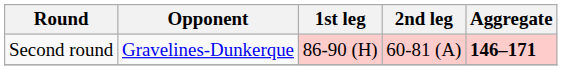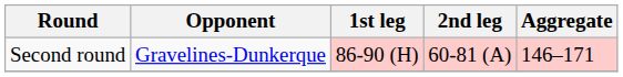 <table class="wikitable">
 <tr>
 <th>Round</th>
 <th>Opponent</th>
 <th>1st leg</th>
 <th>2nd leg</th>
 <th>Aggregate</th>
 </tr>
 <tr>
 <td>Second round</td>
 <td> <a href='#'>Gravelines-Dunkerque</a></td>
 <td style="background:#ffcccc;">86-90 (H)</td>
 <td style="background:#ffcccc;">60-81 (A)</td>
-<td style="background:#ffcccc;"><strong>146–171</strong></td>
+<td style="background:#ffcccc;">146–171</td>
 </tr>
 <tr>
 </tr>
 </table>
